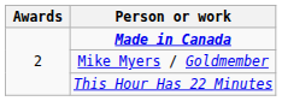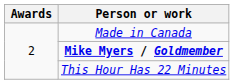 <table class="wikitable sortable" style="text-align:center;" background: #f6e39c;>
 <tr>
 <th scope="col" style="width:55px;">Awards</th>
 <th scope="col" style="text-align:center;">Person or work</th>
 </tr>
 <tr>
 <td rowspan=3 style="text-align:center">2</td>
-<td><strong><em><a href='#'>Made in Canada</a></em></strong></td>
+<td><em><a href='#'>Made in Canada</a></em></td>
 </tr>
 <tr>
-<td><a href='#'>Mike Myers</a> / <em><a href='#'>Goldmember</a></em></td>
+<td><strong><a href='#'>Mike Myers</a> / <em><a href='#'>Goldmember</a></em></strong></td>
 </tr>
 <tr>
 <td><em><a href='#'>This Hour Has 22 Minutes</a></em></td>
 </tr>
 </table>
